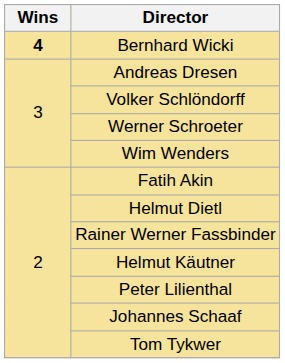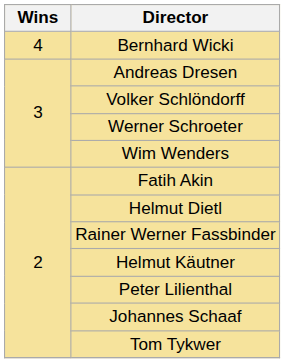 <table class="wikitable" rowspan=2 style="text-align: center; background: #f6e39c">
 <tr>
 <th scope="col" width="55">Wins</th>
 <th scope="col">Director</th>
 </tr>
 <tr>
-<td style="text-align:center"><strong>4</strong></td>
+<td style="text-align:center">4</td>
 <td>Bernhard Wicki</td>
 </tr>
 <tr>
 <td rowspan="4" style="text-align:center">3</td>
 <td>Andreas Dresen</td>
 </tr>
 <tr>
 <td>Volker Schlöndorff</td>
 </tr>
 <tr>
 <td>Werner Schroeter</td>
 </tr>
 <tr>
 <td>Wim Wenders</td>
 </tr>
 <tr>
 <td rowspan=7 style="text-align:center">2</td>
 <td>Fatih Akin</td>
 </tr>
 <tr>
 <td>Helmut Dietl</td>
 </tr>
 <tr>
 <td>Rainer Werner Fassbinder</td>
 </tr>
 <tr>
 <td>Helmut Käutner</td>
 </tr>
 <tr>
 <td>Peter Lilienthal</td>
 </tr>
 <tr>
 <td>Johannes Schaaf</td>
 </tr>
 <tr>
 <td>Tom Tykwer</td>
 </tr>
 <tr>
 </tr>
 </table>
